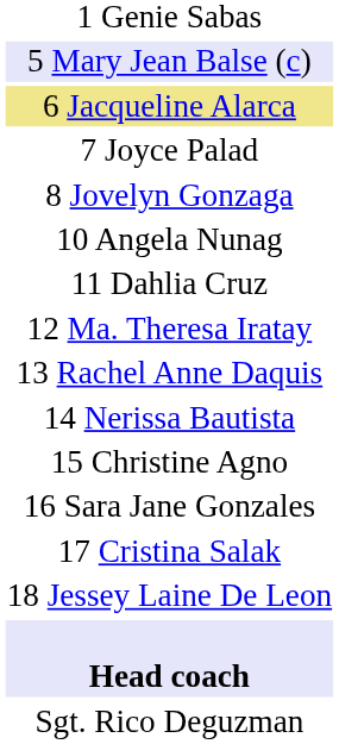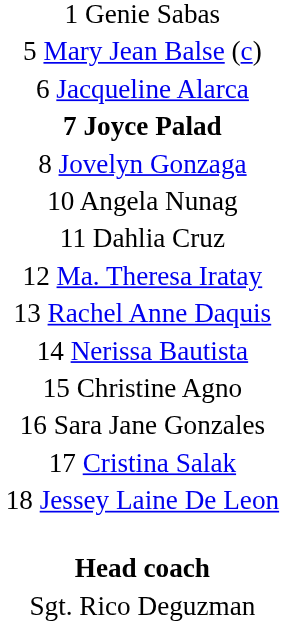 <table style="text-align: center; margin-top: 2em; margin-left: auto; margin-right: auto">
 <tr>
 <td>1 Genie Sabas</td>
 </tr>
 <tr>
-<td style="background: lavender;">5 <a href='#'>Mary Jean Balse</a> (<a href='#'>c</a>)</td>
+<td>5 <a href='#'>Mary Jean Balse</a> (<a href='#'>c</a>)</td>
 </tr>
 <tr>
-<td style="background: khaki;">6 <a href='#'>Jacqueline Alarca</a></td>
+<td>6 <a href='#'>Jacqueline Alarca</a></td>
 </tr>
 <tr>
-<td>7 Joyce Palad</td>
+<td><strong>7 Joyce Palad</strong></td>
 </tr>
 <tr>
 <td>8 <a href='#'>Jovelyn Gonzaga</a></td>
 </tr>
 <tr>
 <td>10 Angela Nunag</td>
 </tr>
 <tr>
 <td>11 Dahlia Cruz</td>
 </tr>
 <tr>
 <td>12 <a href='#'>Ma. Theresa Iratay</a></td>
 </tr>
 <tr>
 <td>13 <a href='#'>Rachel Anne Daquis</a></td>
 </tr>
 <tr>
 <td>14 <a href='#'>Nerissa Bautista</a></td>
 </tr>
 <tr>
 <td>15 Christine Agno</td>
 </tr>
 <tr>
 <td>16 Sara Jane Gonzales</td>
 </tr>
 <tr>
 <td>17 <a href='#'>Cristina Salak</a></td>
 </tr>
 <tr>
 <td>18 <a href='#'>Jessey Laine De Leon</a></td>
 </tr>
 <tr>
-<td style="background: lavender;"><br><strong>Head coach</strong></td>
+<td><br><strong>Head coach</strong></td>
 </tr>
 <tr>
 <td>Sgt. Rico Deguzman</td>
 </tr>
 </table>
